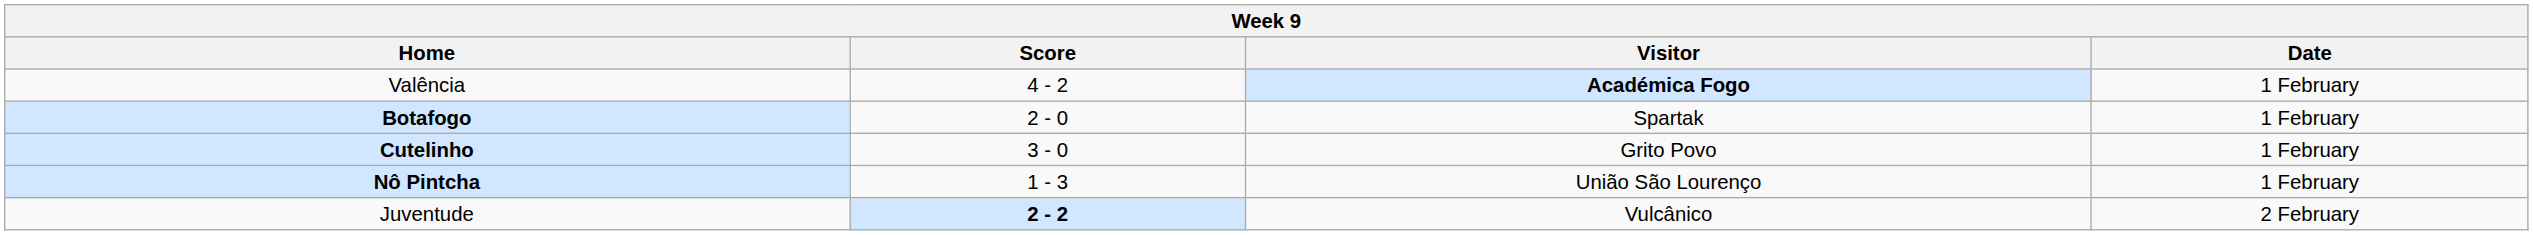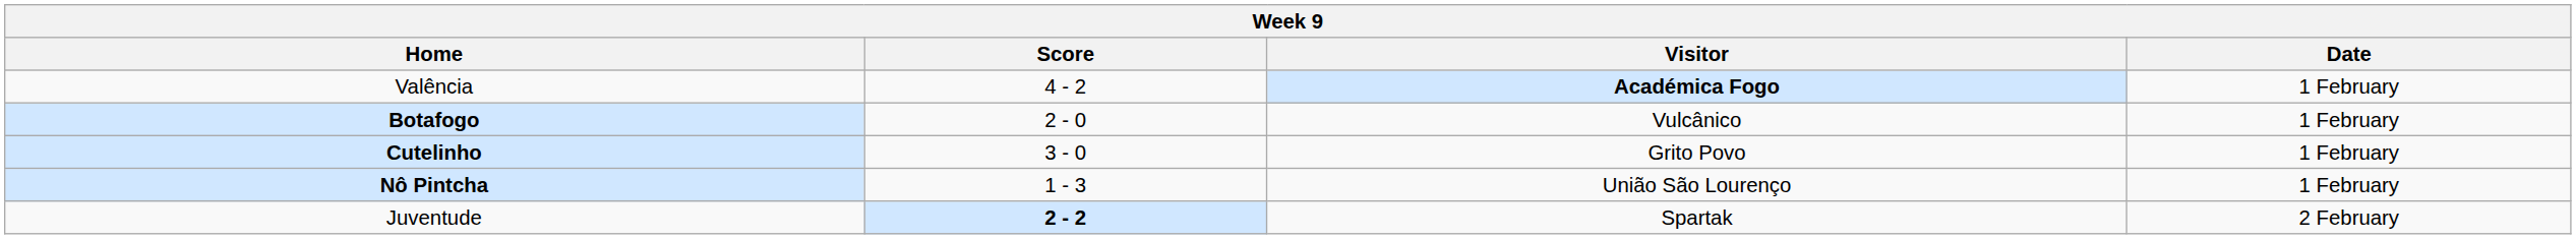 <table class="wikitable" style="margin:1em auto; font-size:95%; text-align: center; width: 95%;">
 <tr>
 <th colspan="12"  style="with:100%; text-align:center;">Week 9</th>
 </tr>
 <tr>
 <th style="width:200px;">Home</th>
 <th width="90">Score</th>
 <th style="width:200px;">Visitor</th>
 <th style="width:100px;">Date</th>
 </tr>
 <tr align=center>
 <td>Valência</td>
 <td>4 - 2</td>
 <td style="background:#d0e7ff;"><strong>Académica Fogo</strong></td>
 <td>1 February</td>
 </tr>
 <tr align=center>
 <td style="background:#d0e7ff;"><strong>Botafogo</strong></td>
 <td>2 - 0</td>
-<td>Spartak</td>
+<td>Vulcânico</td>
 <td>1 February</td>
 </tr>
 <tr align=center>
 <td style="background:#d0e7ff;"><strong>Cutelinho</strong></td>
 <td>3 - 0</td>
 <td>Grito Povo</td>
 <td>1 February</td>
 </tr>
 <tr align=center>
 <td style="background:#d0e7ff;"><strong>Nô Pintcha</strong></td>
 <td>1 - 3</td>
 <td>União São Lourenço</td>
 <td>1 February</td>
 </tr>
 <tr align=center>
 <td>Juventude</td>
 <td style="background:#d0e7ff;"><strong>2 - 2</strong></td>
-<td>Vulcânico</td>
+<td>Spartak</td>
 <td>2 February</td>
 </tr>
 </table>
